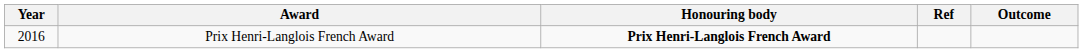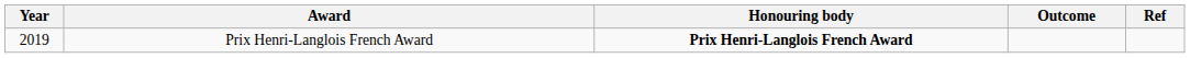 <table class="wikitable" style="width:100%;">
 <tr>
 <th width=5%>Year</th>
 <th style="width:45%;">Award</th>
 <th style="width:35%;">Honouring body</th>
+<th style="width:10%;">Outcome</th>
 <th style="width:5%;">Ref</th>
-<th style="width:10%;">Outcome</th>
 </tr>
 <tr>
-<td style="text-align:center;">2016</td>
+<td style="text-align:center;">2019</td>
 <td style="text-align:center;">Prix Henri-Langlois French Award</td>
 <td style="text-align:center;"><strong>Prix Henri-Langlois French Award</strong></td>
 <td></td>
 <td></td>
 </tr>
 </table>
